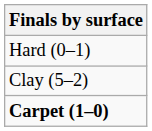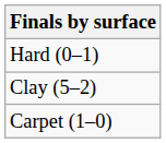 <table class=wikitable style=font-size:90%>
 <tr>
 <th>Finals by surface</th>
 </tr>
 <tr>
 <td>Hard (0–1)</td>
 </tr>
 <tr>
 <td>Clay (5–2)</td>
 </tr>
 <tr>
-<td><strong>Carpet (1–0)</strong></td>
+<td>Carpet (1–0)</td>
 </tr>
 </table>
